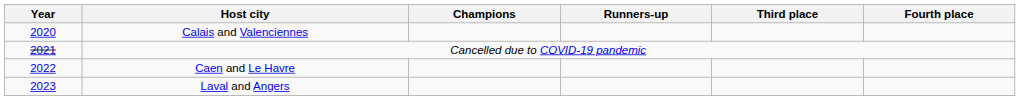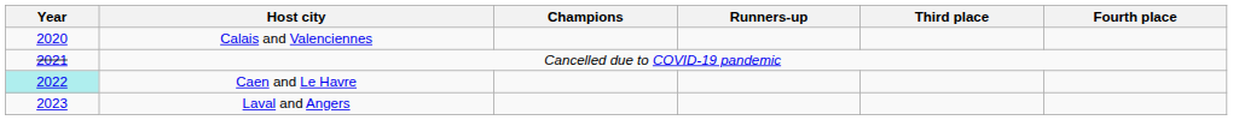 <table class="wikitable" style="font-size:90%; width: 100%; text-align: center;">
 <tr>
 <th>Year</th>
 <th>Host city</th>
 <th width="15%">Champions</th>
 <th width="15%">Runners-up</th>
 <th width="15%">Third place</th>
 <th width="15%">Fourth place</th>
 </tr>
 <tr>
 <td><a href='#'>2020</a></td>
 <td><a href='#'>Calais</a> and <a href='#'>Valenciennes</a></td>
 <td><strong></strong></td>
 <td></td>
 <td></td>
 <td></td>
 </tr>
 <tr>
 <td><s><a href='#'>2021</a></s></td>
 <td colspan=6><em>Cancelled due to <a href='#'>COVID-19 pandemic</a></em></td>
 </tr>
 <tr>
-<td><a href='#'>2022</a></td>
+<td style="background: paleturquoise;"><a href='#'>2022</a></td>
 <td><a href='#'>Caen</a> and <a href='#'>Le Havre</a></td>
 <td><strong></strong></td>
 <td></td>
 <td></td>
 <td></td>
 </tr>
 <tr>
 <td><a href='#'>2023</a></td>
 <td><a href='#'>Laval</a> and <a href='#'>Angers</a></td>
 <td><strong></strong></td>
 <td></td>
 <td></td>
 <td></td>
 </tr>
 </table>
